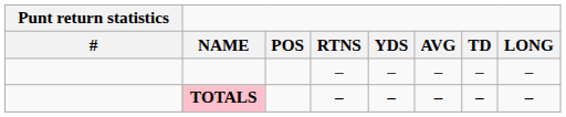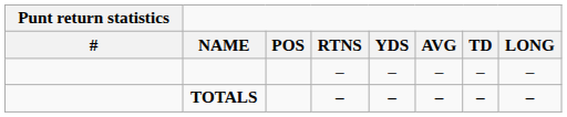 <table style="width:60%; text-align:center;" class="wikitable collapsible collapsed">
 <tr>
 <th style="text-align:center; ">Punt return statistics</th>
 </tr>
 <tr>
 <th>#</th>
 <th>NAME</th>
 <th>POS</th>
 <th>RTNS</th>
 <th>YDS</th>
 <th>AVG</th>
 <th>TD</th>
 <th>LONG</th>
 </tr>
 <tr>
 <td></td>
 <td></td>
 <td></td>
 <td>–</td>
 <td>–</td>
 <td>–</td>
 <td>–</td>
 <td>–</td>
 </tr>
 <tr>
 <td></td>
-<td style="background: pink;"><strong>TOTALS</strong></td>
+<td><strong>TOTALS</strong></td>
 <td></td>
 <td><strong>–</strong></td>
 <td><strong>–</strong></td>
 <td><strong>–</strong></td>
 <td><strong>–</strong></td>
 <td><strong>–</strong></td>
 </tr>
 </table>
